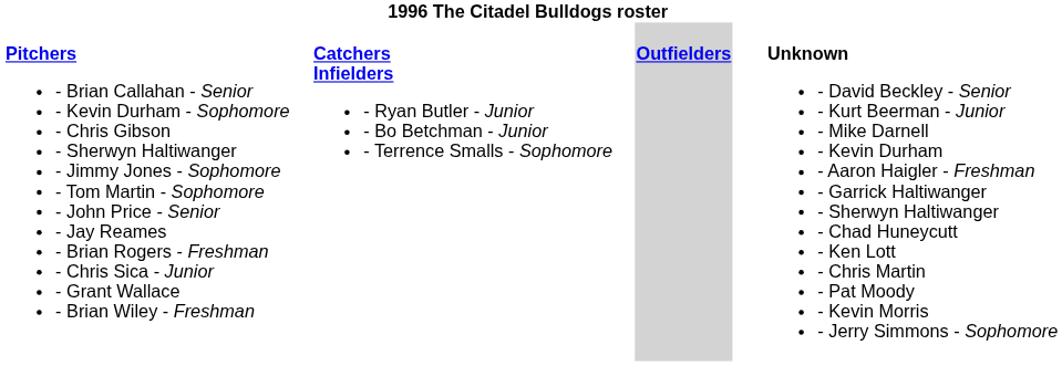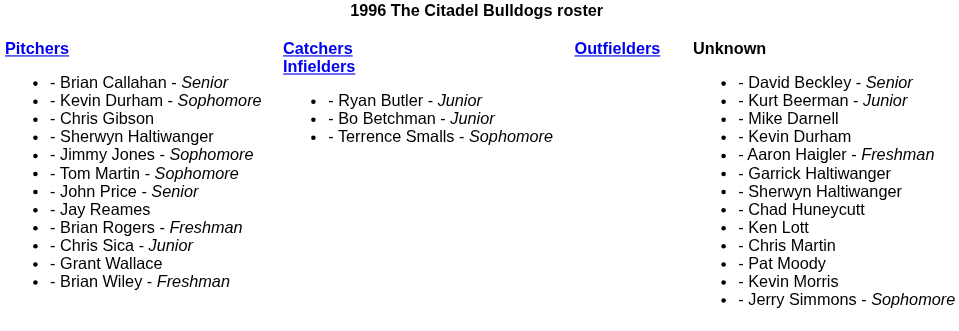 <table class="toccolours" style="border-collapse:collapse; font-size:90%;">
 <tr>
 <th colspan="9">1996 The Citadel Bulldogs roster</th>
 </tr>
 <tr>
 <td width="03"> </td>
 <td valign="top"><br><strong><a href='#'>Pitchers</a></strong><ul><li>- Brian Callahan - <em>Senior</em></li><li>- Kevin Durham - <em>Sophomore</em></li><li>- Chris Gibson</li><li>- Sherwyn Haltiwanger</li><li>- Jimmy Jones - <em>Sophomore</em></li><li>- Tom Martin - <em>Sophomore</em></li><li>- John Price - <em>Senior</em></li><li>- Jay Reames</li><li>- Brian Rogers - <em>Freshman</em></li><li>- Chris Sica - <em>Junior</em></li><li>- Grant Wallace</li><li>- Brian Wiley - <em>Freshman</em></li></ul></td>
 <td width="15"> </td>
 <td valign="top"><br><strong><a href='#'>Catchers</a></strong><br><strong><a href='#'>Infielders</a></strong><ul><li>- Ryan Butler - <em>Junior</em></li><li>- Bo Betchman - <em>Junior</em></li><li>- Terrence Smalls - <em>Sophomore</em></li></ul></td>
 <td width="15"> </td>
-<td valign="top" style="background: lightgrey;"><br><strong><a href='#'>Outfielders</a></strong></td>
+<td valign="top"><br><strong><a href='#'>Outfielders</a></strong></td>
 <td width="25"> </td>
 <td valign="top"><br><strong>Unknown</strong><ul><li>- David Beckley - <em>Senior</em></li><li>- Kurt Beerman - <em>Junior</em></li><li>- Mike Darnell</li><li>- Kevin Durham</li><li>- Aaron Haigler - <em>Freshman</em></li><li>- Garrick Haltiwanger</li><li>- Sherwyn Haltiwanger</li><li>- Chad Huneycutt</li><li>- Ken Lott</li><li>- Chris Martin</li><li>- Pat Moody</li><li>- Kevin Morris</li><li>- Jerry Simmons - <em>Sophomore</em></li></ul></td>
 </tr>
 </table>
